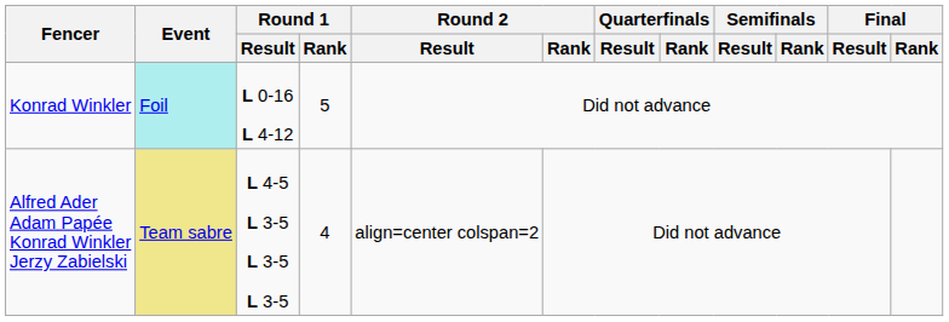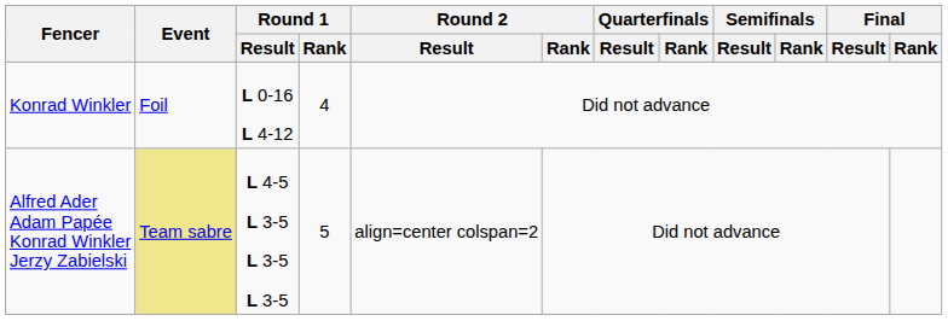 <table class=wikitable style="font-size:90%">
 <tr>
 <th rowspan=2>Fencer</th>
 <th rowspan=2>Event</th>
 <th colspan=2>Round 1</th>
 <th colspan=2>Round 2</th>
 <th colspan=2>Quarterfinals</th>
 <th colspan=2>Semifinals</th>
 <th colspan=2>Final</th>
 </tr>
 <tr>
 <th>Result</th>
 <th>Rank</th>
 <th>Result</th>
 <th>Rank</th>
 <th>Result</th>
 <th>Rank</th>
 <th>Result</th>
 <th>Rank</th>
 <th>Result</th>
 <th>Rank</th>
 </tr>
 <tr>
 <td><a href='#'>Konrad Winkler</a></td>
-<td style="background: paleturquoise;"><a href='#'>Foil</a></td>
+<td><a href='#'>Foil</a></td>
 <td align=center><br> <strong>L</strong> 0-16<br><br> <strong>L</strong> 4-12</td>
-<td align=center>5</td>
+<td align=center>4</td>
 <td align=center colspan=8>Did not advance</td>
 </tr>
 <tr>
 <td><a href='#'>Alfred Ader</a> <br> <a href='#'>Adam Papée</a> <br> <a href='#'>Konrad Winkler</a> <br> <a href='#'>Jerzy Zabielski</a></td>
 <td style="background: khaki;"><a href='#'>Team sabre</a></td>
 <td align=center><br><strong>L</strong> 4-5<br><br><strong>L</strong> 3-5<br><br><strong>L</strong> 3-5<br><br><strong>L</strong> 3-5</td>
-<td align=center>4</td>
+<td align=center>5</td>
 <td>align=center colspan=2 </td>
 <td align=center colspan=6>Did not advance</td>
 </tr>
 </table>
